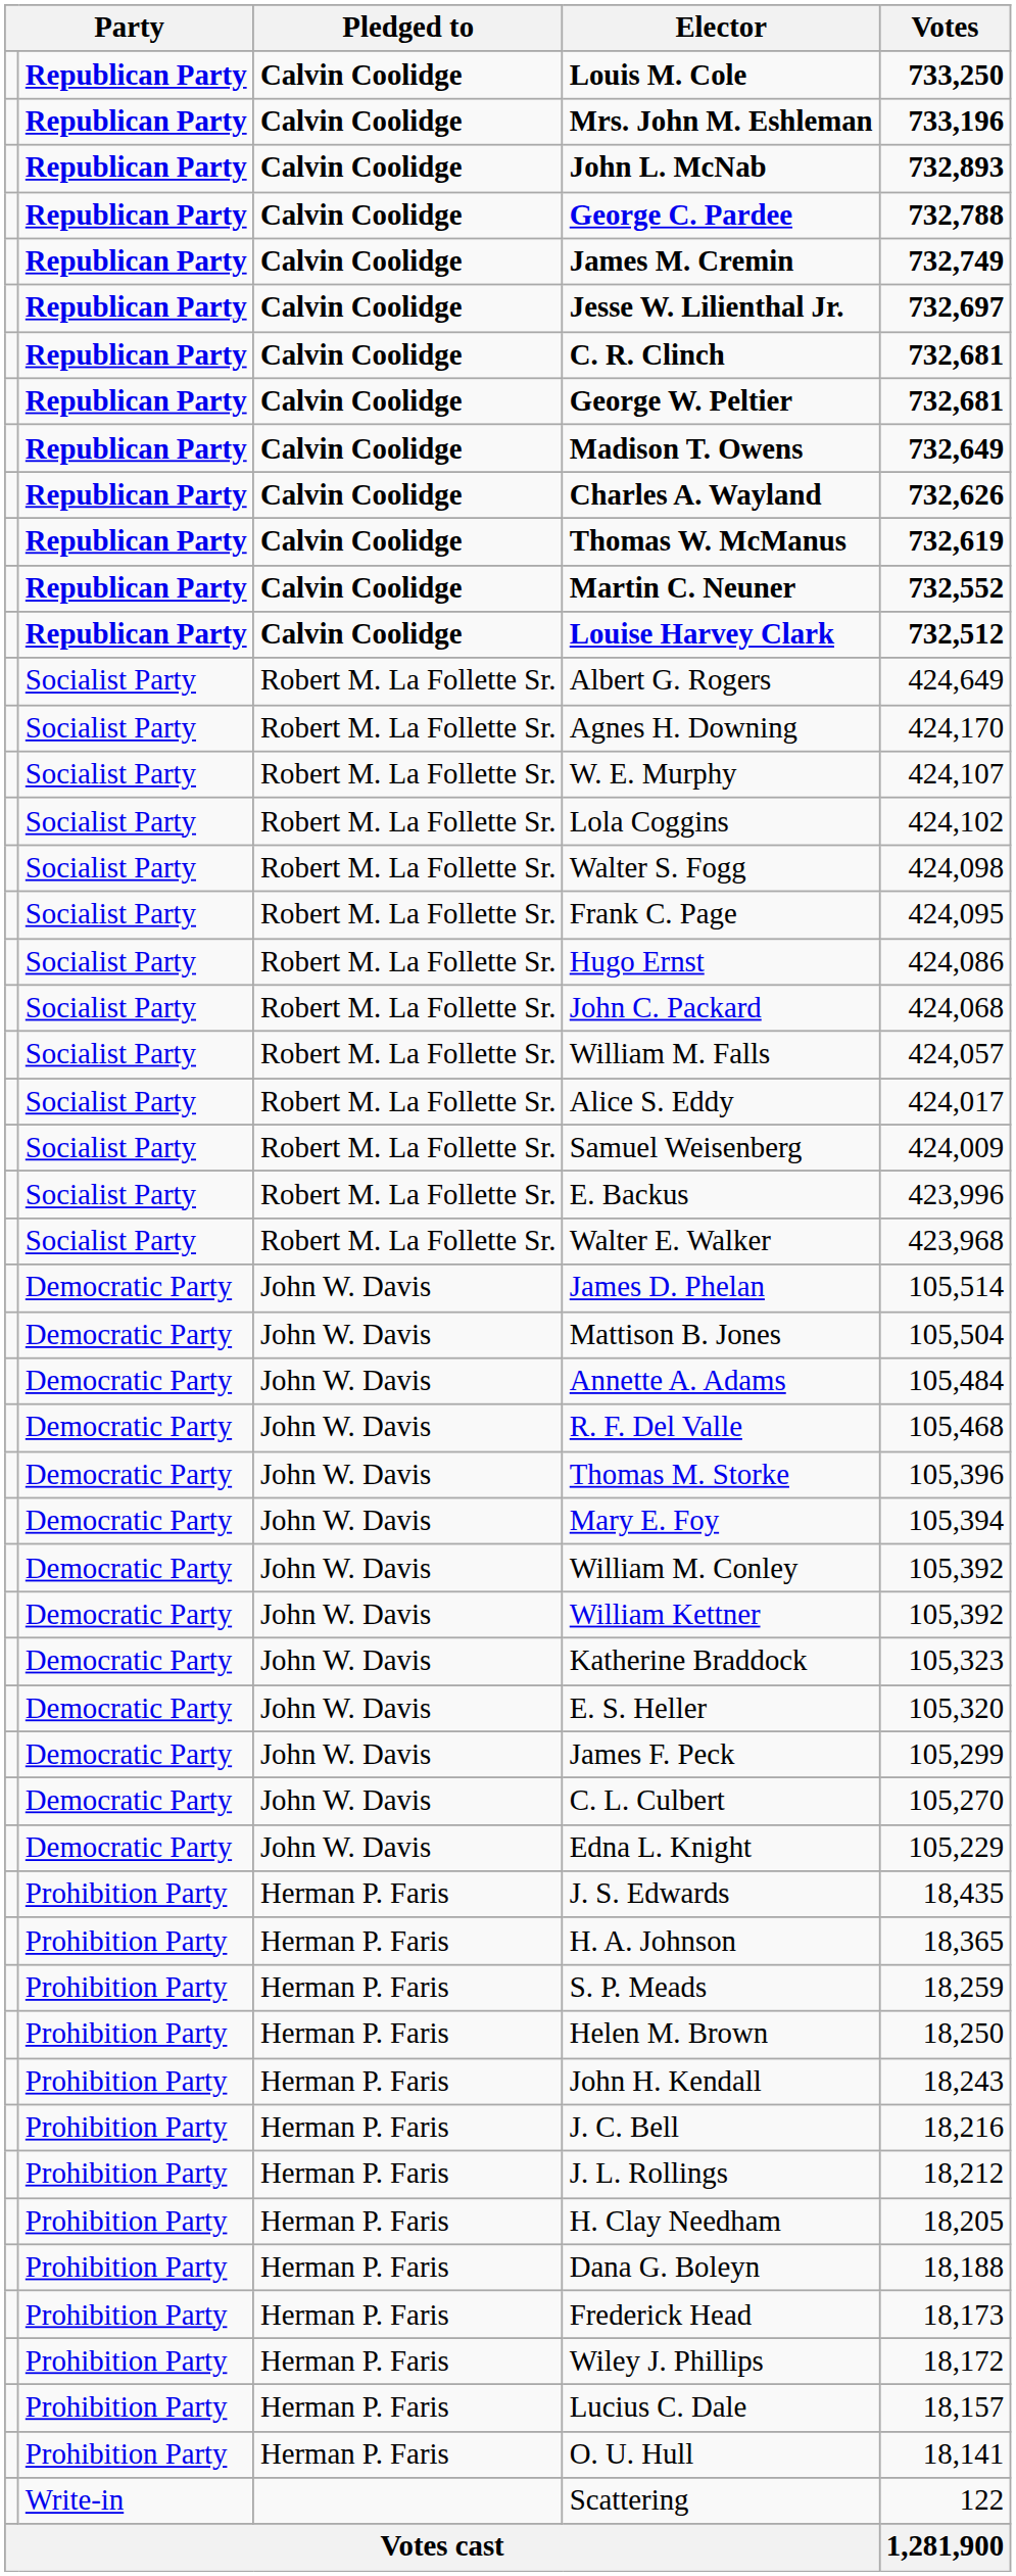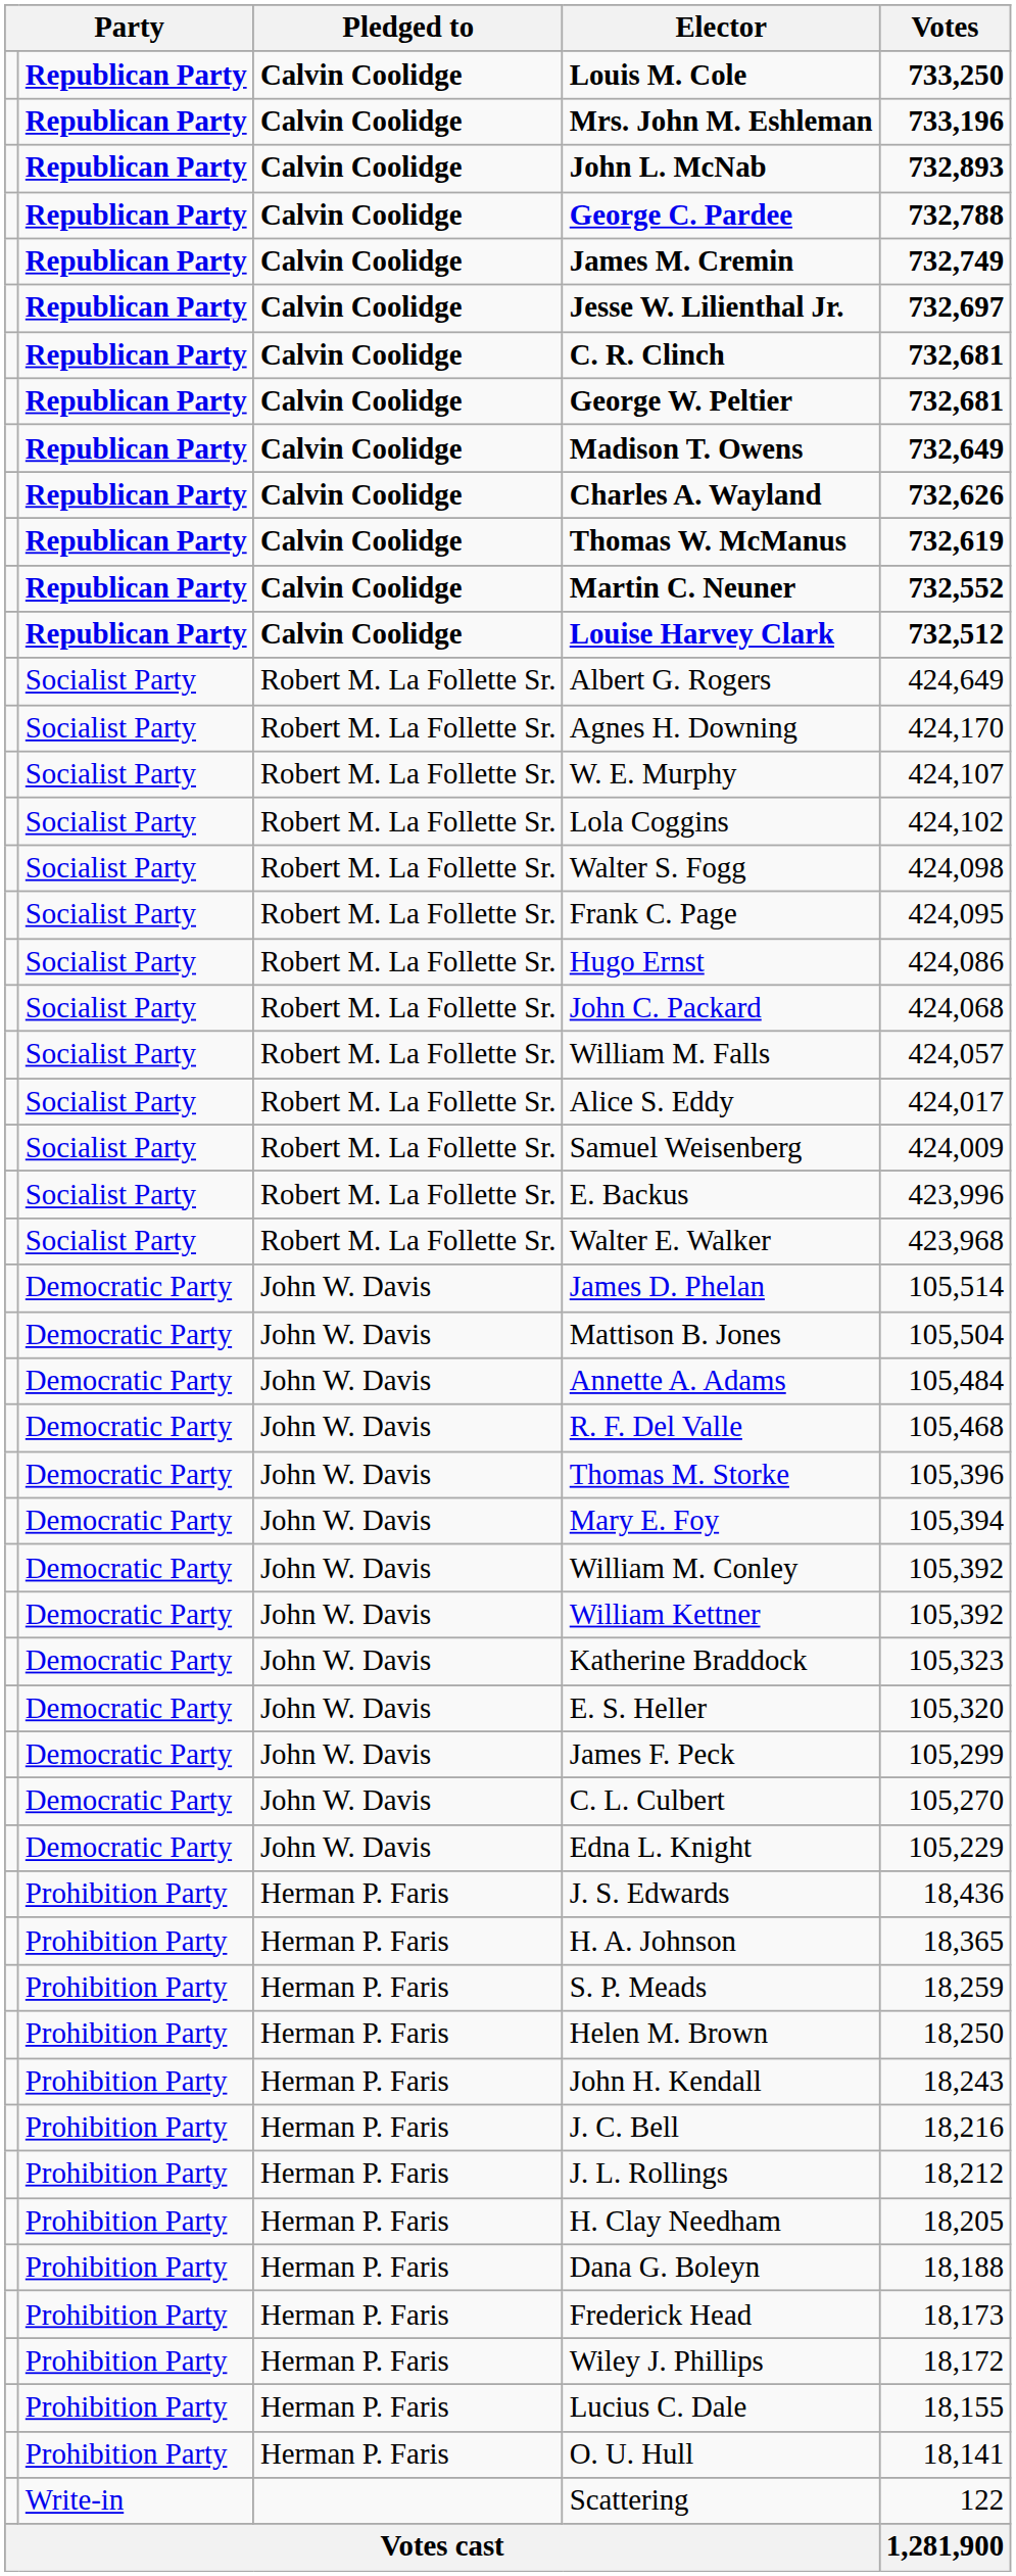 <table class="wikitable">
 <tr>
 <th colspan=2>Party</th>
 <th>Pledged to</th>
 <th>Elector</th>
 <th>Votes</th>
 </tr>
 <tr style="font-weight:bold">
 <td></td>
 <td><a href='#'>Republican Party</a></td>
 <td>Calvin Coolidge</td>
 <td>Louis M. Cole</td>
 <td align="right">733,250</td>
 </tr>
 <tr style="font-weight:bold">
 <td></td>
 <td><a href='#'>Republican Party</a></td>
 <td>Calvin Coolidge</td>
 <td>Mrs. John M. Eshleman</td>
 <td align="right">733,196</td>
 </tr>
 <tr style="font-weight:bold">
 <td></td>
 <td><a href='#'>Republican Party</a></td>
 <td>Calvin Coolidge</td>
 <td>John L. McNab</td>
 <td align="right">732,893</td>
 </tr>
 <tr style="font-weight:bold">
 <td></td>
 <td><a href='#'>Republican Party</a></td>
 <td>Calvin Coolidge</td>
 <td><a href='#'>George C. Pardee</a></td>
 <td align="right">732,788</td>
 </tr>
 <tr style="font-weight:bold">
 <td></td>
 <td><a href='#'>Republican Party</a></td>
 <td>Calvin Coolidge</td>
 <td>James M. Cremin</td>
 <td align="right">732,749</td>
 </tr>
 <tr style="font-weight:bold">
 <td></td>
 <td><a href='#'>Republican Party</a></td>
 <td>Calvin Coolidge</td>
 <td>Jesse W. Lilienthal Jr.</td>
 <td align="right">732,697</td>
 </tr>
 <tr style="font-weight:bold">
 <td></td>
 <td><a href='#'>Republican Party</a></td>
 <td>Calvin Coolidge</td>
 <td>C. R. Clinch</td>
 <td align="right">732,681</td>
 </tr>
 <tr style="font-weight:bold">
 <td></td>
 <td><a href='#'>Republican Party</a></td>
 <td>Calvin Coolidge</td>
 <td>George W. Peltier</td>
 <td align="right">732,681</td>
 </tr>
 <tr style="font-weight:bold">
 <td></td>
 <td><a href='#'>Republican Party</a></td>
 <td>Calvin Coolidge</td>
 <td>Madison T. Owens</td>
 <td align="right">732,649</td>
 </tr>
 <tr style="font-weight:bold">
 <td></td>
 <td><a href='#'>Republican Party</a></td>
 <td>Calvin Coolidge</td>
 <td>Charles A. Wayland</td>
 <td align="right">732,626</td>
 </tr>
 <tr style="font-weight:bold">
 <td></td>
 <td><a href='#'>Republican Party</a></td>
 <td>Calvin Coolidge</td>
 <td>Thomas W. McManus</td>
 <td align="right">732,619</td>
 </tr>
 <tr style="font-weight:bold">
 <td></td>
 <td><a href='#'>Republican Party</a></td>
 <td>Calvin Coolidge</td>
 <td>Martin C. Neuner</td>
 <td align="right">732,552</td>
 </tr>
 <tr style="font-weight:bold">
 <td></td>
 <td><a href='#'>Republican Party</a></td>
 <td>Calvin Coolidge</td>
 <td><a href='#'>Louise Harvey Clark</a></td>
 <td align="right">732,512</td>
 </tr>
 <tr>
 <td bgcolor=></td>
 <td><a href='#'>Socialist Party</a></td>
 <td>Robert M. La Follette Sr.</td>
 <td>Albert G. Rogers</td>
 <td align="right">424,649</td>
 </tr>
 <tr>
 <td bgcolor=></td>
 <td><a href='#'>Socialist Party</a></td>
 <td>Robert M. La Follette Sr.</td>
 <td>Agnes H. Downing</td>
 <td align="right">424,170</td>
 </tr>
 <tr>
 <td bgcolor=></td>
 <td><a href='#'>Socialist Party</a></td>
 <td>Robert M. La Follette Sr.</td>
 <td>W. E. Murphy</td>
 <td align="right">424,107</td>
 </tr>
 <tr>
 <td bgcolor=></td>
 <td><a href='#'>Socialist Party</a></td>
 <td>Robert M. La Follette Sr.</td>
 <td>Lola Coggins</td>
 <td align="right">424,102</td>
 </tr>
 <tr>
 <td bgcolor=></td>
 <td><a href='#'>Socialist Party</a></td>
 <td>Robert M. La Follette Sr.</td>
 <td>Walter S. Fogg</td>
 <td align="right">424,098</td>
 </tr>
 <tr>
 <td bgcolor=></td>
 <td><a href='#'>Socialist Party</a></td>
 <td>Robert M. La Follette Sr.</td>
 <td>Frank C. Page</td>
 <td align="right">424,095</td>
 </tr>
 <tr>
 <td bgcolor=></td>
 <td><a href='#'>Socialist Party</a></td>
 <td>Robert M. La Follette Sr.</td>
 <td><a href='#'>Hugo Ernst</a></td>
 <td align="right">424,086</td>
 </tr>
 <tr>
 <td bgcolor=></td>
 <td><a href='#'>Socialist Party</a></td>
 <td>Robert M. La Follette Sr.</td>
 <td><a href='#'>John C. Packard</a></td>
 <td align="right">424,068</td>
 </tr>
 <tr>
 <td bgcolor=></td>
 <td><a href='#'>Socialist Party</a></td>
 <td>Robert M. La Follette Sr.</td>
 <td>William M. Falls</td>
 <td align="right">424,057</td>
 </tr>
 <tr>
 <td bgcolor=></td>
 <td><a href='#'>Socialist Party</a></td>
 <td>Robert M. La Follette Sr.</td>
 <td>Alice S. Eddy</td>
 <td align="right">424,017</td>
 </tr>
 <tr>
 <td bgcolor=></td>
 <td><a href='#'>Socialist Party</a></td>
 <td>Robert M. La Follette Sr.</td>
 <td>Samuel Weisenberg</td>
 <td align="right">424,009</td>
 </tr>
 <tr>
 <td bgcolor=></td>
 <td><a href='#'>Socialist Party</a></td>
 <td>Robert M. La Follette Sr.</td>
 <td>E. Backus</td>
 <td align="right">423,996</td>
 </tr>
 <tr>
 <td bgcolor=></td>
 <td><a href='#'>Socialist Party</a></td>
 <td>Robert M. La Follette Sr.</td>
 <td>Walter E. Walker</td>
 <td align="right">423,968</td>
 </tr>
 <tr>
 <td bgcolor=></td>
 <td><a href='#'>Democratic Party</a></td>
 <td>John W. Davis</td>
 <td><a href='#'>James D. Phelan</a></td>
 <td align=right>105,514</td>
 </tr>
 <tr>
 <td bgcolor=></td>
 <td><a href='#'>Democratic Party</a></td>
 <td>John W. Davis</td>
 <td>Mattison B. Jones</td>
 <td align=right>105,504</td>
 </tr>
 <tr>
 <td bgcolor=></td>
 <td><a href='#'>Democratic Party</a></td>
 <td>John W. Davis</td>
 <td><a href='#'>Annette A. Adams</a></td>
 <td align=right>105,484</td>
 </tr>
 <tr>
 <td bgcolor=></td>
 <td><a href='#'>Democratic Party</a></td>
 <td>John W. Davis</td>
 <td><a href='#'>R. F. Del Valle</a></td>
 <td align=right>105,468</td>
 </tr>
 <tr>
 <td bgcolor=></td>
 <td><a href='#'>Democratic Party</a></td>
 <td>John W. Davis</td>
 <td><a href='#'>Thomas M. Storke</a></td>
 <td align=right>105,396</td>
 </tr>
 <tr>
 <td bgcolor=></td>
 <td><a href='#'>Democratic Party</a></td>
 <td>John W. Davis</td>
 <td><a href='#'>Mary E. Foy</a></td>
 <td align=right>105,394</td>
 </tr>
 <tr>
 <td bgcolor=></td>
 <td><a href='#'>Democratic Party</a></td>
 <td>John W. Davis</td>
 <td>William M. Conley</td>
 <td align=right>105,392</td>
 </tr>
 <tr>
 <td bgcolor=></td>
 <td><a href='#'>Democratic Party</a></td>
 <td>John W. Davis</td>
 <td><a href='#'>William Kettner</a></td>
 <td align=right>105,392</td>
 </tr>
 <tr>
 <td bgcolor=></td>
 <td><a href='#'>Democratic Party</a></td>
 <td>John W. Davis</td>
 <td>Katherine Braddock</td>
 <td align=right>105,323</td>
 </tr>
 <tr>
 <td bgcolor=></td>
 <td><a href='#'>Democratic Party</a></td>
 <td>John W. Davis</td>
 <td>E. S. Heller</td>
 <td align=right>105,320</td>
 </tr>
 <tr>
 <td bgcolor=></td>
 <td><a href='#'>Democratic Party</a></td>
 <td>John W. Davis</td>
 <td>James F. Peck</td>
 <td align=right>105,299</td>
 </tr>
 <tr>
 <td bgcolor=></td>
 <td><a href='#'>Democratic Party</a></td>
 <td>John W. Davis</td>
 <td>C. L. Culbert</td>
 <td align=right>105,270</td>
 </tr>
 <tr>
 <td bgcolor=></td>
 <td><a href='#'>Democratic Party</a></td>
 <td>John W. Davis</td>
 <td>Edna L. Knight</td>
 <td align=right>105,229</td>
 </tr>
 <tr>
 <td></td>
 <td><a href='#'>Prohibition Party</a></td>
 <td>Herman P. Faris</td>
 <td>J. S. Edwards</td>
-<td align="right">18,435</td>
+<td align="right">18,436</td>
 </tr>
 <tr>
 <td></td>
 <td><a href='#'>Prohibition Party</a></td>
 <td>Herman P. Faris</td>
 <td>H. A. Johnson</td>
 <td align="right">18,365</td>
 </tr>
 <tr>
 <td></td>
 <td><a href='#'>Prohibition Party</a></td>
 <td>Herman P. Faris</td>
 <td>S. P. Meads</td>
 <td align="right">18,259</td>
 </tr>
 <tr>
 <td></td>
 <td><a href='#'>Prohibition Party</a></td>
 <td>Herman P. Faris</td>
 <td>Helen M. Brown</td>
 <td align="right">18,250</td>
 </tr>
 <tr>
 <td></td>
 <td><a href='#'>Prohibition Party</a></td>
 <td>Herman P. Faris</td>
 <td>John H. Kendall</td>
 <td align="right">18,243</td>
 </tr>
 <tr>
 <td></td>
 <td><a href='#'>Prohibition Party</a></td>
 <td>Herman P. Faris</td>
 <td>J. C. Bell</td>
 <td align="right">18,216</td>
 </tr>
 <tr>
 <td></td>
 <td><a href='#'>Prohibition Party</a></td>
 <td>Herman P. Faris</td>
 <td>J. L. Rollings</td>
 <td align="right">18,212</td>
 </tr>
 <tr>
 <td></td>
 <td><a href='#'>Prohibition Party</a></td>
 <td>Herman P. Faris</td>
 <td>H. Clay Needham</td>
 <td align="right">18,205</td>
 </tr>
 <tr>
 <td></td>
 <td><a href='#'>Prohibition Party</a></td>
 <td>Herman P. Faris</td>
 <td>Dana G. Boleyn</td>
 <td align="right">18,188</td>
 </tr>
 <tr>
 <td></td>
 <td><a href='#'>Prohibition Party</a></td>
 <td>Herman P. Faris</td>
 <td>Frederick Head</td>
 <td align="right">18,173</td>
 </tr>
 <tr>
 <td></td>
 <td><a href='#'>Prohibition Party</a></td>
 <td>Herman P. Faris</td>
 <td>Wiley J. Phillips</td>
 <td align="right">18,172</td>
 </tr>
 <tr>
 <td></td>
 <td><a href='#'>Prohibition Party</a></td>
 <td>Herman P. Faris</td>
 <td>Lucius C. Dale</td>
-<td align="right">18,157</td>
+<td align="right">18,155</td>
 </tr>
 <tr>
 <td></td>
 <td><a href='#'>Prohibition Party</a></td>
 <td>Herman P. Faris</td>
 <td>O. U. Hull</td>
 <td align="right">18,141</td>
 </tr>
 <tr>
 <td></td>
 <td><a href='#'>Write-in</a></td>
 <td></td>
 <td>Scattering</td>
 <td align="right">122</td>
 </tr>
 <tr>
 <th colspan="4">Votes cast</th>
 <th>1,281,900</th>
 </tr>
 </table>
